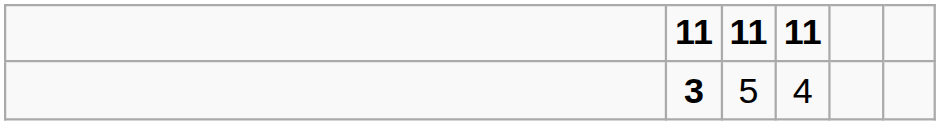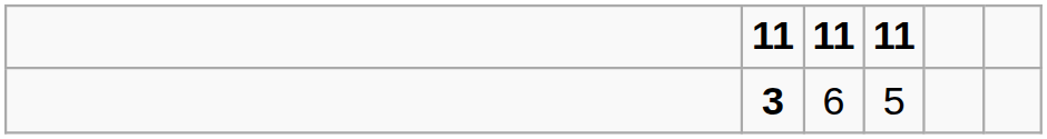 <table class="wikitable">
 <tr>
 <td style="width:18em"><strong></strong></td>
 <td align=center style="width:1em"><strong>11</strong></td>
 <td align=center style="width:1em"><strong>11</strong></td>
 <td align=center style="width:1em"><strong>11</strong></td>
 <td align=center style="width:1em"></td>
 <td align=center style="width:1em"></td>
 </tr>
 <tr>
 <td style="width:18em"></td>
 <td align=center style="width:1em"><strong>3</strong></td>
+<td align=center style="width:1em">6</td>
 <td align=center style="width:1em">5</td>
-<td align=center style="width:1em">4</td>
 <td align=center style="width:1em"></td>
 <td align=center style="width:1em"></td>
 </tr>
 </table>
